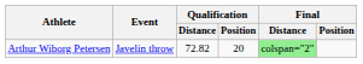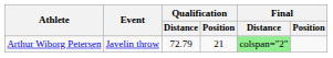 <table class="wikitable" style="font-size:90%">
 <tr>
 <th rowspan="2">Athlete</th>
 <th rowspan="2">Event</th>
 <th colspan="2">Qualification</th>
 <th colspan="2">Final</th>
 </tr>
 <tr style="font-size:95%">
 <th>Distance</th>
 <th>Position</th>
 <th>Distance</th>
 <th>Position</th>
 </tr>
 <tr align="center">
 <td align="left"><a href='#'>Arthur Wiborg Petersen</a></td>
 <td align="left"><a href='#'>Javelin throw</a></td>
-<td>72.82</td>
-<td>20</td>
+<td>72.79</td>
+<td>21</td>
 <td style="background: lightgreen;">colspan="2" </td>
 </tr>
 </table>
